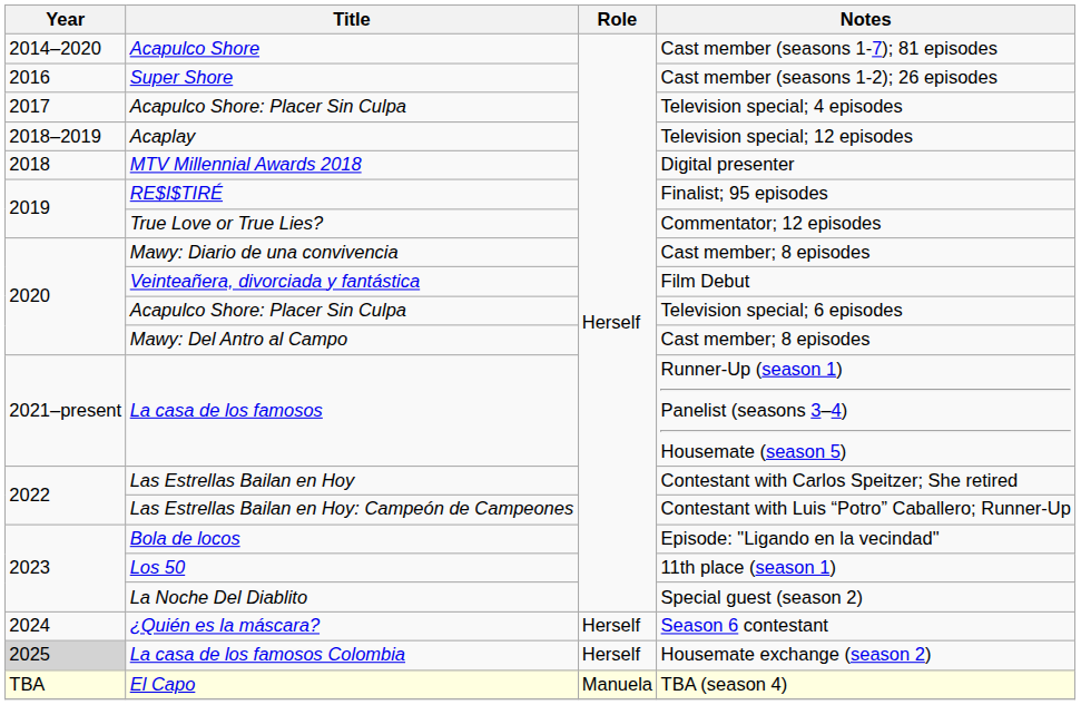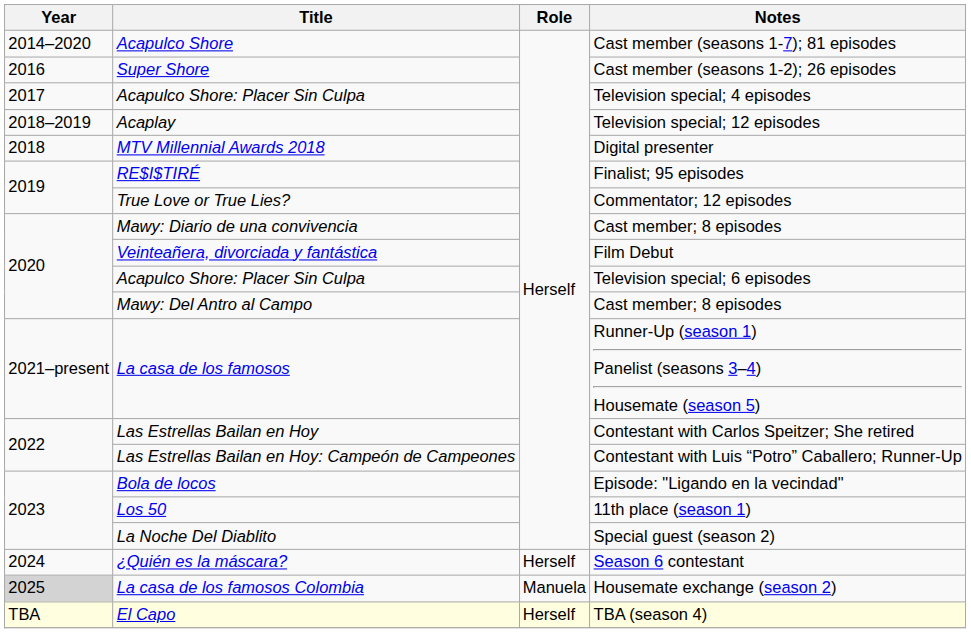 <table class="wikitable">
 <tr>
 <th>Year</th>
 <th>Title</th>
 <th>Role</th>
 <th>Notes</th>
 </tr>
 <tr>
 <td>2014–2020</td>
 <td><em><a href='#'>Acapulco Shore</a></em></td>
 <td rowspan="17">Herself</td>
 <td>Cast member (seasons 1-<a href='#'>7</a>); 81 episodes</td>
 </tr>
 <tr>
 <td>2016</td>
 <td><em><a href='#'>Super Shore</a></em></td>
 <td>Cast member (seasons 1-2); 26 episodes</td>
 </tr>
 <tr>
 <td>2017</td>
 <td><em>Acapulco Shore: Placer Sin Culpa</em></td>
 <td>Television special; 4 episodes</td>
 </tr>
 <tr>
 <td>2018–2019</td>
 <td><em>Acaplay</em></td>
 <td>Television special; 12 episodes</td>
 </tr>
 <tr>
 <td>2018</td>
 <td><em><a href='#'>MTV Millennial Awards 2018</a></em></td>
 <td>Digital presenter</td>
 </tr>
 <tr>
 <td rowspan="2">2019</td>
 <td><em><a href='#'>RE$I$TIRÉ</a></em></td>
 <td>Finalist; 95 episodes</td>
 </tr>
 <tr>
 <td><em>True Love or True Lies?</em></td>
 <td>Commentator; 12 episodes</td>
 </tr>
 <tr>
 <td rowspan="4”">2020</td>
 <td><em>Mawy: Diario de una convivencia</em></td>
 <td>Cast member; 8 episodes</td>
 </tr>
 <tr>
 <td><em><a href='#'>Veinteañera, divorciada y fantástica</a></em></td>
 <td>Film Debut</td>
 </tr>
 <tr>
 <td><em>Acapulco Shore: Placer Sin Culpa</em></td>
 <td>Television special; 6 episodes</td>
 </tr>
 <tr>
 <td><em>Mawy: Del Antro al Campo</em></td>
 <td>Cast member; 8 episodes</td>
 </tr>
 <tr>
 <td>2021–present</td>
 <td><em><a href='#'>La casa de los famosos</a></em></td>
 <td>Runner-Up (<a href='#'>season 1</a>)<hr>Panelist (seasons <a href='#'>3</a>–<a href='#'>4</a>)<hr>Housemate (<a href='#'>season 5</a>)</td>
 </tr>
 <tr>
 <td rowspan="2">2022</td>
 <td><em>Las Estrellas Bailan en Hoy</em></td>
 <td>Contestant with Carlos Speitzer; She retired</td>
 </tr>
 <tr>
 <td><em>Las Estrellas Bailan en Hoy: Campeón de Campeones</em></td>
 <td>Contestant with Luis “Potro” Caballero; Runner-Up</td>
 </tr>
 <tr>
 <td rowspan="3">2023</td>
 <td><em><a href='#'>Bola de locos</a></em></td>
 <td>Episode: "Ligando en la vecindad"</td>
 </tr>
 <tr>
 <td><em><a href='#'>Los 50</a></em></td>
 <td>11th place (<a href='#'>season 1</a>)</td>
 </tr>
 <tr>
 <td><em>La Noche Del Diablito</em></td>
 <td>Special guest (season 2)</td>
 </tr>
 <tr>
 <td>2024</td>
 <td><em><a href='#'>¿Quién es la máscara?</a></em></td>
 <td>Herself</td>
 <td><a href='#'>Season 6</a> contestant</td>
 </tr>
 <tr>
 <td style="background: lightgrey;">2025</td>
 <td><em><a href='#'>La casa de los famosos Colombia</a></em></td>
-<td>Herself</td>
+<td>Manuela</td>
 <td>Housemate exchange (<a href='#'>season 2</a>)</td>
 </tr>
 <tr bgcolor="lightyellow">
 <td>TBA</td>
 <td><em><a href='#'>El Capo</a></em></td>
-<td>Manuela</td>
+<td>Herself</td>
 <td>TBA (season 4)</td>
 </tr>
 <tr>
 </tr>
 </table>
